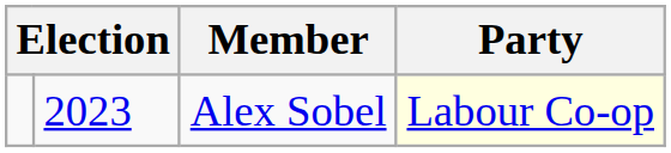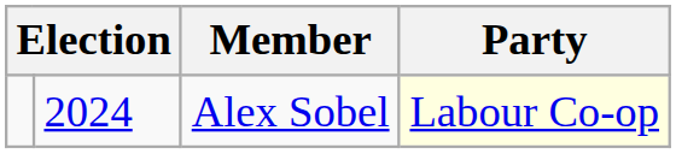 <table class="wikitable">
 <tr>
 <th colspan="2">Election</th>
 <th>Member</th>
 <th>Party</th>
 </tr>
 <tr>
 <td style="color:inherit;background-color: "></td>
-<td><a href='#'>2023</a></td>
+<td><a href='#'>2024</a></td>
 <td><a href='#'>Alex Sobel</a></td>
 <td style="background: lightyellow;"><a href='#'>Labour Co-op</a></td>
 </tr>
 </table>
